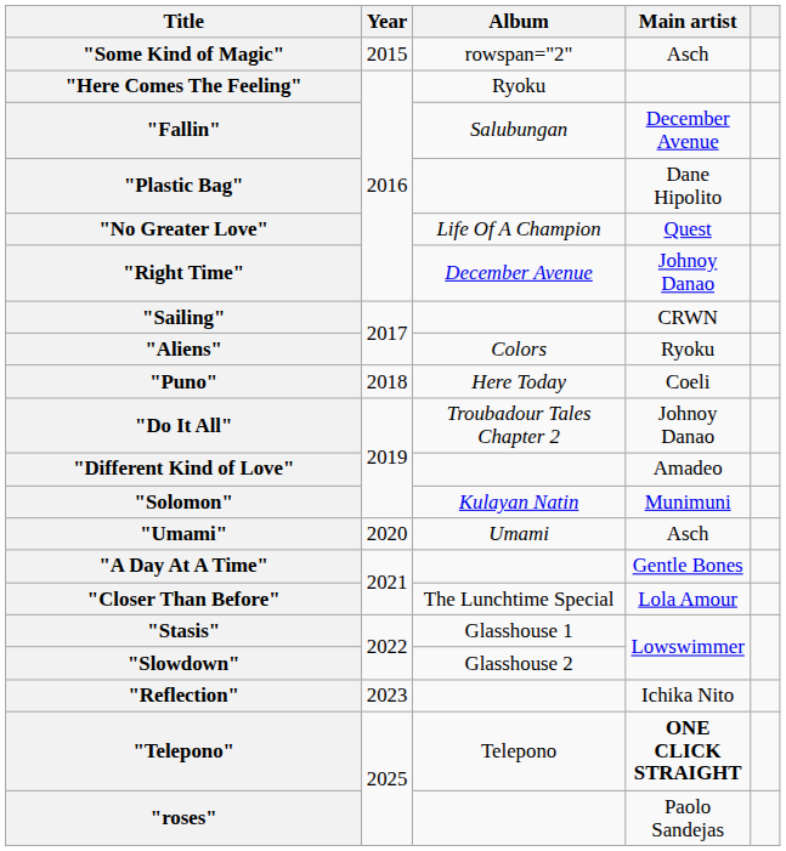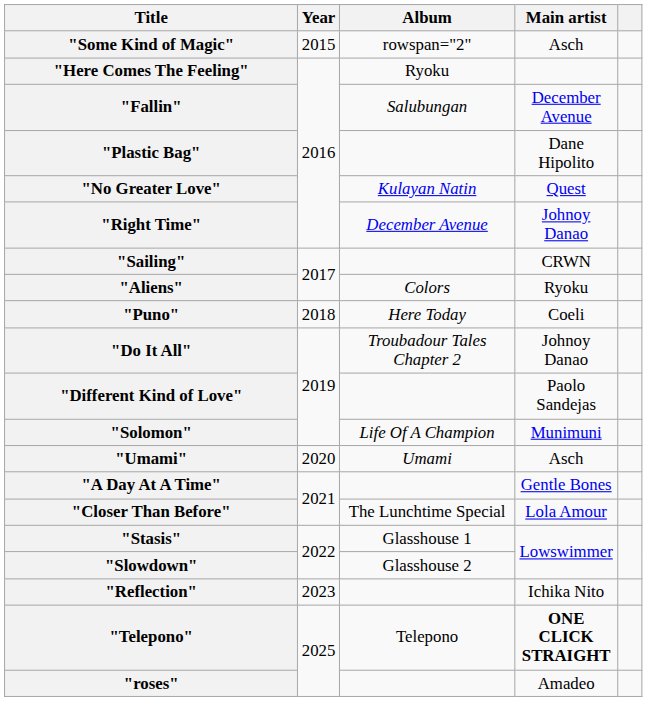 <table class="wikitable plainrowheaders" style="text-align:center;">
 <tr>
 <th scope="col" style="width:17em;">Title</th>
 <th scope="col">Year</th>
 <th scope="col" style="width:10em;">Album</th>
 <th scope="col">Main artist</th>
 <th scope="col" class="unsortable" style="width:1em;"></th>
 </tr>
 <tr>
 <th scope="row">"Some Kind of Magic"</th>
 <td>2015</td>
 <td>rowspan="2" </td>
 <td>Asch</td>
 <td></td>
 </tr>
 <tr>
 <th scope="row">"Here Comes The Feeling"</th>
 <td rowspan="5">2016</td>
 <td>Ryoku</td>
 <td></td>
 </tr>
 <tr>
 <th scope="row">"Fallin"</th>
 <td><em>Salubungan</em></td>
 <td><a href='#'>December Avenue</a></td>
 <td></td>
 </tr>
 <tr>
 <th scope="row">"Plastic Bag"</th>
 <td></td>
 <td>Dane Hipolito</td>
 <td></td>
 </tr>
 <tr>
 <th scope="row">"No Greater Love"</th>
-<td><em>Life Of A Champion</em></td>
+<td><em><a href='#'>Kulayan Natin</a></em></td>
 <td><a href='#'>Quest</a></td>
 <td></td>
 </tr>
 <tr>
 <th scope="row">"Right Time"</th>
 <td><em><a href='#'>December Avenue</a></em></td>
 <td><a href='#'>Johnoy Danao</a></td>
 <td></td>
 </tr>
 <tr>
 <th scope="row">"Sailing"</th>
 <td rowspan=2>2017</td>
 <td></td>
 <td>CRWN</td>
 <td></td>
 </tr>
 <tr>
 <th scope="row">"Aliens"</th>
 <td><em>Colors</em></td>
 <td>Ryoku</td>
 <td></td>
 </tr>
 <tr>
 <th scope="row">"Puno"</th>
 <td>2018</td>
 <td><em>Here Today</em></td>
 <td>Coeli</td>
 <td></td>
 </tr>
 <tr>
 <th scope="row">"Do It All"</th>
 <td rowspan=3>2019</td>
 <td><em>Troubadour Tales Chapter 2</em></td>
 <td>Johnoy Danao</td>
 <td></td>
 </tr>
 <tr>
 <th scope="row">"Different Kind of Love"</th>
 <td></td>
-<td>Amadeo</td>
+<td>Paolo Sandejas</td>
 <td></td>
 </tr>
 <tr>
 <th scope="row">"Solomon"</th>
-<td><em><a href='#'>Kulayan Natin</a></em></td>
+<td><em>Life Of A Champion</em></td>
 <td><a href='#'>Munimuni</a></td>
 <td></td>
 </tr>
 <tr>
 <th scope="row">"Umami"</th>
 <td>2020</td>
 <td><em>Umami</em></td>
 <td>Asch</td>
 <td></td>
 </tr>
 <tr>
 <th scope="row">"A Day At A Time"</th>
 <td rowspan=2>2021</td>
 <td></td>
 <td><a href='#'>Gentle Bones</a></td>
 <td></td>
 </tr>
 <tr>
 <th scope="row">"Closer Than Before"</th>
 <td>The Lunchtime Special</td>
 <td><a href='#'>Lola Amour</a></td>
 <td></td>
 </tr>
 <tr>
 <th scope="row">"Stasis"</th>
 <td rowspan=2>2022</td>
 <td>Glasshouse 1</td>
 <td rowspan=2><a href='#'>Lowswimmer</a></td>
 <td rowspan=2></td>
 </tr>
 <tr>
 <th scope="row">"Slowdown"</th>
 <td>Glasshouse 2</td>
 </tr>
 <tr>
 <th scope="row">"Reflection"</th>
 <td>2023</td>
 <td></td>
 <td>Ichika Nito</td>
 <td></td>
 </tr>
 <tr>
 <th scope="row">"Telepono"</th>
 <td rowspan=2>2025</td>
 <td>Telepono</td>
 <td><strong>ONE CLICK STRAIGHT</strong></td>
 <td></td>
 </tr>
 <tr>
 <th scope="row">"roses"</th>
 <td></td>
-<td>Paolo Sandejas</td>
+<td>Amadeo</td>
 <td></td>
 </tr>
 </table>
